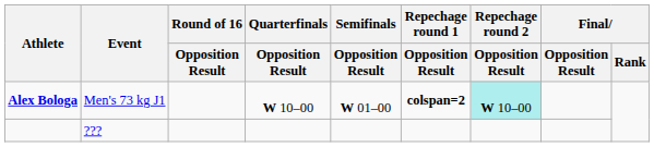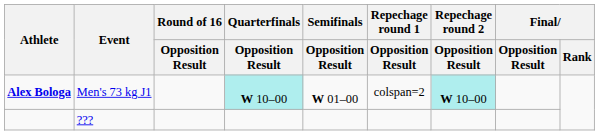 <table class= wikitable style="font-size:90%">
 <tr>
 <th rowspan="2">Athlete</th>
 <th rowspan="2">Event</th>
 <th>Round of 16</th>
 <th>Quarterfinals</th>
 <th>Semifinals</th>
 <th>Repechage <br>round 1</th>
 <th>Repechage <br>round 2</th>
 <th colspan=2>Final/<br></th>
 </tr>
 <tr>
 <th>Opposition<br>Result</th>
 <th>Opposition<br>Result</th>
 <th>Opposition<br>Result</th>
 <th>Opposition<br>Result</th>
 <th>Opposition<br>Result</th>
 <th>Opposition<br>Result</th>
 <th>Rank</th>
 </tr>
 <tr align=center>
 <td align=left><strong><a href='#'>Alex Bologa</a></strong></td>
 <td align=left><a href='#'>Men's 73 kg J1</a></td>
 <td></td>
-<td><br><strong>W</strong> 10–00</td>
+<td style="background: paleturquoise;"><br><strong>W</strong> 10–00</td>
 <td><br><strong>W</strong> 01–00</td>
-<td><strong>colspan=2 </strong></td>
+<td>colspan=2 </td>
 <td style="background: paleturquoise;"><br><strong>W</strong> 10–00</td>
 <td></td>
 </tr>
 <tr align=center>
 <td align=left> </td>
 <td align=left><a href='#'>???</a></td>
 <td></td>
 <td></td>
 <td></td>
 <td></td>
 <td></td>
 <td></td>
 </tr>
 </table>
